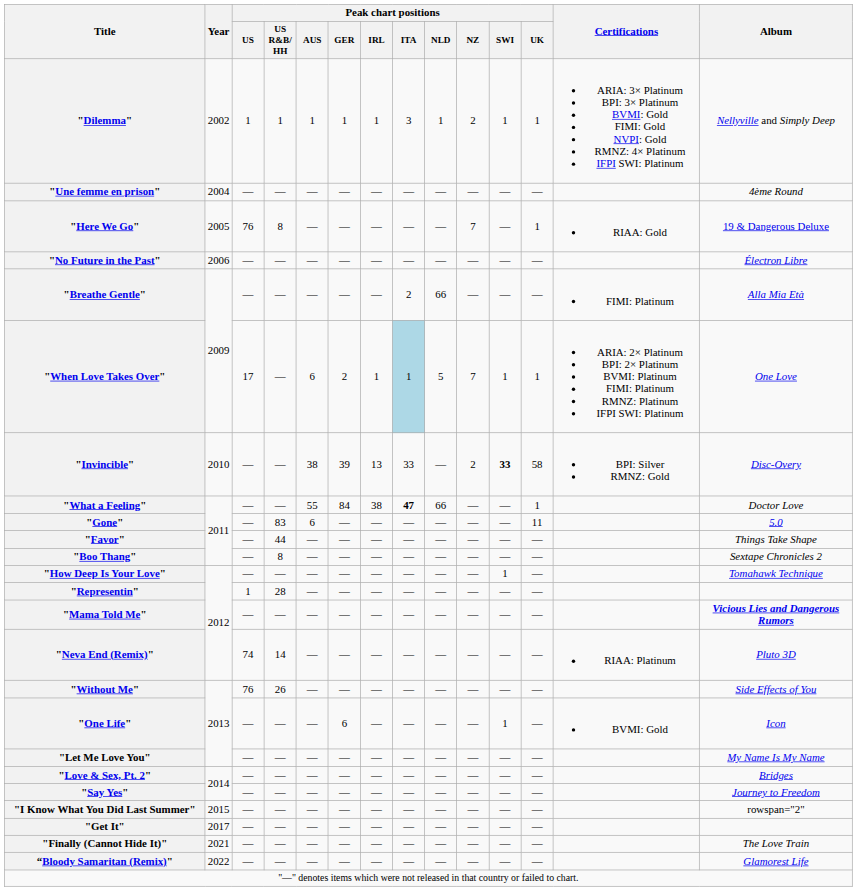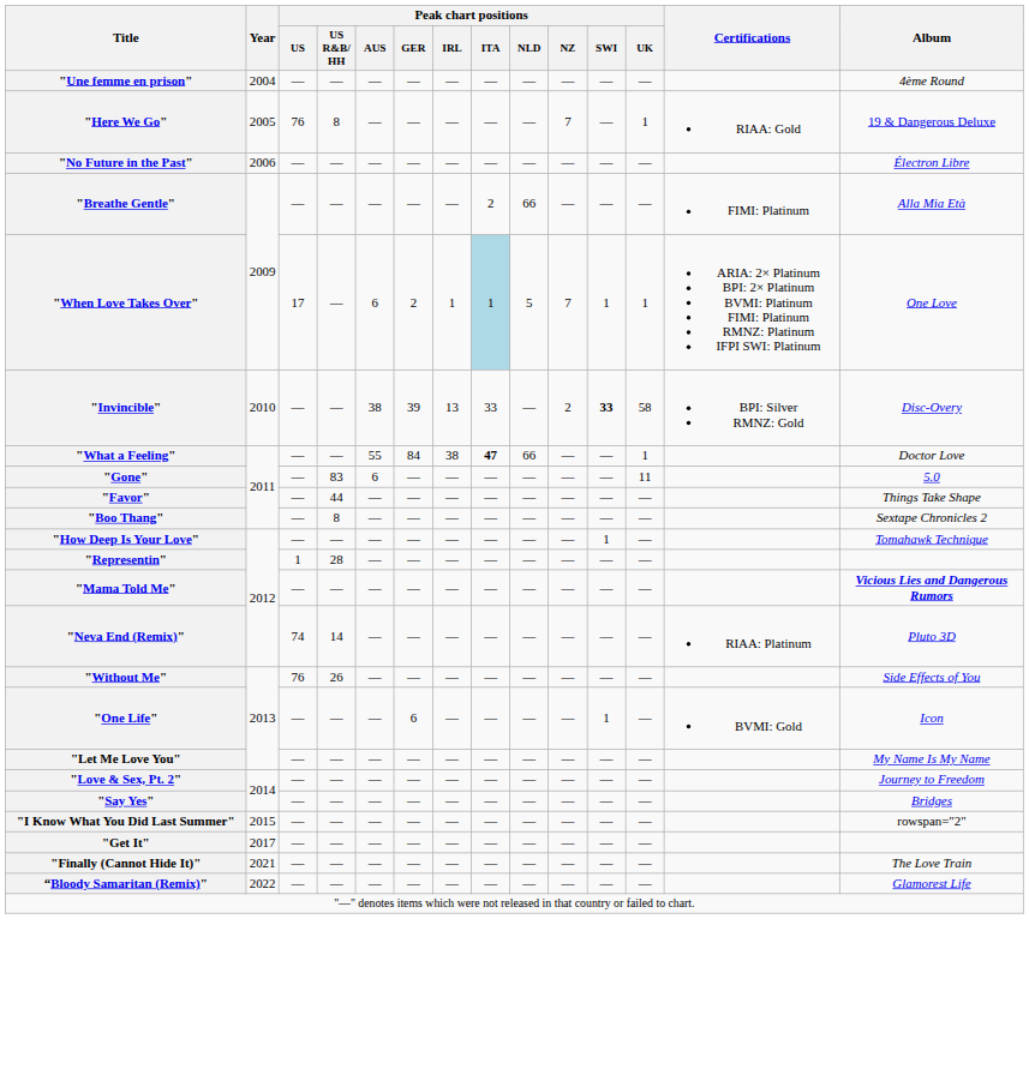 <table class="wikitable plainrowheaders" style="text-align:center;">
 <tr>
 <th scope="col" rowspan="2" style="width:18em;">Title</th>
 <th scope="col" rowspan="2">Year</th>
 <th scope="col" colspan="10">Peak chart positions</th>
 <th scope="col" rowspan="2" style="width:13em;"><a href='#'>Certifications</a></th>
 <th scope="col" rowspan="2">Album</th>
 </tr>
 <tr>
 <th scope="col" style="width:3em;font-size:85%;">US<br></th>
 <th scope="col" style="width:3em;font-size:85%;">US <br>R&B/ HH<br></th>
 <th scope="col" style="width:3em;font-size:85%;">AUS<br></th>
 <th scope="col" style="width:3em;font-size:85%;">GER<br></th>
 <th scope="col" style="width:3em;font-size:85%;">IRL<br></th>
 <th scope="col" style="width:3em;font-size:85%;">ITA<br></th>
 <th scope="col" style="width:3em;font-size:85%;">NLD<br></th>
 <th scope="col" style="width:3em;font-size:85%;">NZ<br></th>
 <th scope="col" style="width:3em;font-size:85%;">SWI<br></th>
 <th scope="col" style="width:3em;font-size:85%;">UK<br></th>
-</tr>
-<tr>
-<th scope="row">"<a href='#'>Dilemma</a>" <br></th>
-<td>2002</td>
-<td>1</td>
-<td>1</td>
-<td>1</td>
-<td>1</td>
-<td>1</td>
-<td>3</td>
-<td>1</td>
-<td>2</td>
-<td>1</td>
-<td>1</td>
-<td><br><ul><li>ARIA: 3× Platinum</li><li>BPI: 3× Platinum</li><li><a href='#'>BVMI</a>: Gold</li><li>FIMI: Gold</li><li><a href='#'>NVPI</a>: Gold</li><li>RMNZ: 4× Platinum</li><li><a href='#'>IFPI</a> SWI: Platinum</li></ul></td>
-<td><em><a href='#'>Nellyville</a></em> and <em>Simply Deep</em></td>
 </tr>
 <tr>
 <th scope="row">"<a href='#'>Une femme en prison</a>" <br></th>
 <td>2004</td>
 <td>—</td>
 <td>—</td>
 <td>—</td>
 <td>—</td>
 <td>—</td>
 <td>—</td>
 <td>—</td>
 <td>—</td>
 <td>—</td>
 <td>—</td>
 <td></td>
 <td><em>4ème Round</em></td>
 </tr>
 <tr>
 <th scope="row">"<a href='#'>Here We Go</a>"<br></th>
 <td>2005</td>
 <td>76</td>
 <td>8</td>
 <td>—</td>
 <td>—</td>
 <td>—</td>
 <td>—</td>
 <td>—</td>
 <td>7</td>
 <td>—</td>
 <td>1</td>
 <td><br><ul><li>RIAA: Gold</li></ul></td>
 <td><a href='#'>19 & Dangerous Deluxe</a></td>
 </tr>
 <tr>
 <th scope="row">"<a href='#'>No Future in the Past</a>"<br></th>
 <td>2006</td>
 <td>—</td>
 <td>—</td>
 <td>—</td>
 <td>—</td>
 <td>—</td>
 <td>—</td>
 <td>—</td>
 <td>—</td>
 <td>—</td>
 <td>—</td>
 <td></td>
 <td><em><a href='#'>Électron Libre</a></em></td>
 </tr>
 <tr>
 <th scope="row">"<a href='#'>Breathe Gentle</a>"<br></th>
 <td rowspan="2">2009</td>
 <td>—</td>
 <td>—</td>
 <td>—</td>
 <td>—</td>
 <td>—</td>
 <td>2</td>
 <td>66</td>
 <td>—</td>
 <td>—</td>
 <td>—</td>
 <td><br><ul><li>FIMI: Platinum</li></ul></td>
 <td><em><a href='#'>Alla Mia Età</a></em></td>
 </tr>
 <tr>
 <th scope="row">"<a href='#'>When Love Takes Over</a>"<br></th>
 <td>17</td>
 <td>—</td>
 <td>6</td>
 <td>2</td>
 <td>1</td>
 <td style="background: lightblue;">1</td>
 <td>5</td>
 <td>7</td>
 <td>1</td>
 <td>1</td>
 <td><br><ul><li>ARIA: 2× Platinum</li><li>BPI: 2× Platinum</li><li>BVMI: Platinum</li><li>FIMI: Platinum</li><li>RMNZ: Platinum</li><li>IFPI SWI: Platinum</li></ul></td>
 <td><em><a href='#'>One Love</a></em></td>
 </tr>
 <tr>
 <th scope="row">"<a href='#'>Invincible</a>" <br></th>
 <td>2010</td>
 <td>—</td>
 <td>—</td>
 <td>38</td>
 <td>39</td>
 <td>13</td>
 <td>33</td>
 <td>—</td>
 <td>2</td>
 <td><strong>33</strong></td>
 <td>58</td>
 <td><br><ul><li>BPI: Silver</li><li>RMNZ: Gold</li></ul></td>
 <td><em><a href='#'>Disc-Overy</a></em></td>
 </tr>
 <tr>
 <th scope="row">"<a href='#'>What a Feeling</a>"<br></th>
 <td rowspan="4">2011</td>
 <td>—</td>
 <td>—</td>
 <td>55</td>
 <td>84</td>
 <td>38</td>
 <td><strong>47</strong></td>
 <td>66</td>
 <td>—</td>
 <td>—</td>
 <td>1</td>
 <td></td>
 <td><em>Doctor Love</em></td>
 </tr>
 <tr>
 <th scope="row">"<a href='#'>Gone</a>"<br></th>
 <td>—</td>
 <td>83</td>
 <td>6</td>
 <td>—</td>
 <td>—</td>
 <td>—</td>
 <td>—</td>
 <td>—</td>
 <td>—</td>
 <td>11</td>
 <td></td>
 <td><em><a href='#'>5.0</a></em></td>
 </tr>
 <tr>
 <th scope="row">"<a href='#'>Favor</a>"<br></th>
 <td>—</td>
 <td>44</td>
 <td>—</td>
 <td>—</td>
 <td>—</td>
 <td>—</td>
 <td>—</td>
 <td>—</td>
 <td>—</td>
 <td>—</td>
 <td></td>
 <td><em>Things Take Shape</em></td>
 </tr>
 <tr>
 <th scope="row">"<a href='#'>Boo Thang</a>"<br></th>
 <td>—</td>
 <td>8</td>
 <td>—</td>
 <td>—</td>
 <td>—</td>
 <td>—</td>
 <td>—</td>
 <td>—</td>
 <td>—</td>
 <td>—</td>
 <td></td>
 <td><em>Sextape Chronicles 2</em></td>
 </tr>
 <tr>
 <th scope="row">"<a href='#'>How Deep Is Your Love</a>"<br></th>
 <td rowspan="4">2012</td>
 <td>—</td>
 <td>—</td>
 <td>—</td>
 <td>—</td>
 <td>—</td>
 <td>—</td>
 <td>—</td>
 <td>—</td>
 <td>1</td>
 <td>—</td>
 <td></td>
 <td><em><a href='#'>Tomahawk Technique</a></em></td>
 </tr>
 <tr>
 <th scope="row">"<a href='#'>Representin</a>"<br></th>
 <td>1</td>
 <td>28</td>
 <td>—</td>
 <td>—</td>
 <td>—</td>
 <td>—</td>
 <td>—</td>
 <td>—</td>
 <td>—</td>
 <td>—</td>
 <td></td>
 <td></td>
 </tr>
 <tr>
 <th scope="row">"<a href='#'>Mama Told Me</a>"<br></th>
 <td>—</td>
 <td>—</td>
 <td>—</td>
 <td>—</td>
 <td>—</td>
 <td>—</td>
 <td>—</td>
 <td>—</td>
 <td>—</td>
 <td>—</td>
 <td></td>
 <td><strong><em><a href='#'>Vicious Lies and Dangerous Rumors</a></em></strong></td>
 </tr>
 <tr>
 <th scope="row">"<a href='#'>Neva End (Remix)</a>"<br></th>
 <td>74</td>
 <td>14</td>
 <td>—</td>
 <td>—</td>
 <td>—</td>
 <td>—</td>
 <td>—</td>
 <td>—</td>
 <td>—</td>
 <td>—</td>
 <td><br><ul><li>RIAA: Platinum</li></ul></td>
 <td><em><a href='#'>Pluto 3D</a></em></td>
 </tr>
 <tr>
 <th scope="row">"<a href='#'>Without Me</a>"<br></th>
 <td rowspan="3">2013</td>
 <td>76</td>
 <td>26</td>
 <td>—</td>
 <td>—</td>
 <td>—</td>
 <td>—</td>
 <td>—</td>
 <td>—</td>
 <td>—</td>
 <td>—</td>
 <td></td>
 <td><em><a href='#'>Side Effects of You</a></em></td>
 </tr>
 <tr>
 <th scope="row">"<a href='#'>One Life</a>"<br></th>
 <td>—</td>
 <td>—</td>
 <td>—</td>
 <td>6</td>
 <td>—</td>
 <td>—</td>
 <td>—</td>
 <td>—</td>
 <td>1</td>
 <td>—</td>
 <td><br><ul><li>BVMI: Gold</li></ul></td>
 <td><em><a href='#'>Icon</a></em></td>
 </tr>
 <tr>
 <th scope="row">"Let Me Love You"<br></th>
 <td>—</td>
 <td>—</td>
 <td>—</td>
 <td>—</td>
 <td>—</td>
 <td>—</td>
 <td>—</td>
 <td>—</td>
 <td>—</td>
 <td>—</td>
 <td></td>
 <td><em><a href='#'>My Name Is My Name</a></em></td>
 </tr>
 <tr>
 <th scope="row">"<a href='#'>Love & Sex, Pt. 2</a>"<br></th>
 <td rowspan="2">2014</td>
 <td>—</td>
 <td>—</td>
 <td>—</td>
 <td>—</td>
 <td>—</td>
 <td>—</td>
 <td>—</td>
 <td>—</td>
 <td>—</td>
 <td>—</td>
 <td></td>
-<td><em><a href='#'>Bridges</a></em></td>
+<td><em><a href='#'>Journey to Freedom</a></em></td>
 </tr>
 <tr>
 <th scope="row">"<a href='#'>Say Yes</a>"<br></th>
 <td>—</td>
 <td>—</td>
 <td>—</td>
 <td>—</td>
 <td>—</td>
 <td>—</td>
 <td>—</td>
 <td>—</td>
 <td>—</td>
 <td>—</td>
 <td></td>
-<td><em><a href='#'>Journey to Freedom</a></em></td>
+<td><em><a href='#'>Bridges</a></em></td>
 </tr>
 <tr>
 <th scope="row">"I Know What You Did Last Summer"<br></th>
 <td>2015</td>
 <td>—</td>
 <td>—</td>
 <td>—</td>
 <td>—</td>
 <td>—</td>
 <td>—</td>
 <td>—</td>
 <td>—</td>
 <td>—</td>
 <td>—</td>
 <td></td>
 <td>rowspan="2" </td>
 </tr>
 <tr>
 <th scope="row">"Get It"<br></th>
 <td>2017</td>
 <td>—</td>
 <td>—</td>
 <td>—</td>
 <td>—</td>
 <td>—</td>
 <td>—</td>
 <td>—</td>
 <td>—</td>
 <td>—</td>
 <td>—</td>
 <td></td>
 </tr>
 <tr>
 <th scope="row">"Finally (Cannot Hide It)"<br></th>
 <td>2021</td>
 <td>—</td>
 <td>—</td>
 <td>—</td>
 <td>—</td>
 <td>—</td>
 <td>—</td>
 <td>—</td>
 <td>—</td>
 <td>—</td>
 <td>—</td>
 <td></td>
 <td><em>The Love Train</em></td>
 </tr>
 <tr>
 <th scope="row">“<a href='#'>Bloody Samaritan (Remix)</a>"<br></th>
 <td>2022</td>
 <td>—</td>
 <td>—</td>
 <td>—</td>
 <td>—</td>
 <td>—</td>
 <td>—</td>
 <td>—</td>
 <td>—</td>
 <td>—</td>
 <td>—</td>
 <td></td>
 <td><em><a href='#'>Glamorest Life</a></em></td>
 </tr>
 <tr>
 <td colspan="14" style="font-size:90%;">"—" denotes items which were not released in that country or failed to chart.</td>
 </tr>
 </table>
